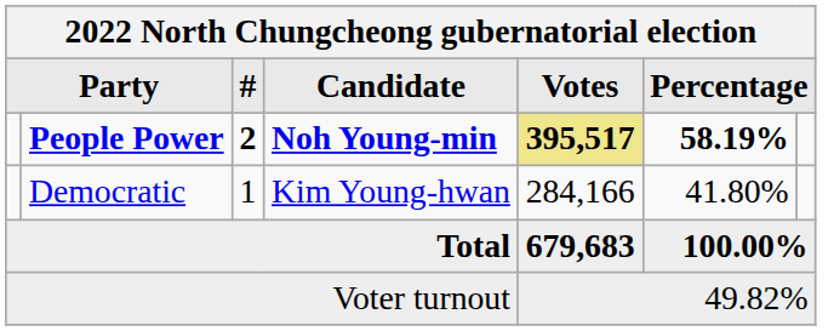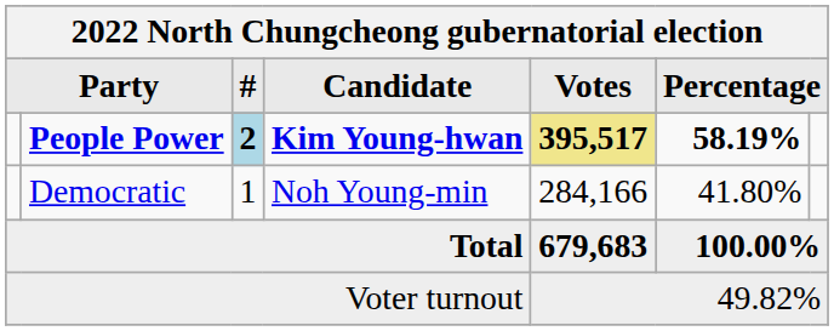 <table class="wikitable">
 <tr>
 <th colspan="7">2022 North Chungcheong gubernatorial election</th>
 </tr>
 <tr>
 <th style="background-color:#E9E9E9" colspan=2>Party</th>
 <th style="background-color:#E9E9E9">#</th>
 <th style="background-color:#E9E9E9">Candidate</th>
 <th style="background-color:#E9E9E9">Votes</th>
 <th style="background-color:#E9E9E9" colspan=2>Percentage</th>
 </tr>
 <tr style="font-weight:bold">
 <td></td>
 <td align=left><a href='#'>People Power</a></td>
-<td align=center>2</td>
-<td align=left><a href='#'>Noh Young-min</a></td>
+<td align=center style="background: lightblue;">2</td>
+<td align=left><a href='#'>Kim Young-hwan</a></td>
 <td align=right style="background: khaki;">395,517</td>
 <td align=right>58.19%</td>
 <td align=right></td>
 </tr>
 <tr>
 <td></td>
 <td align=left><a href='#'>Democratic</a></td>
 <td align=center>1</td>
-<td align=left><a href='#'>Kim Young-hwan</a></td>
+<td align=left><a href='#'>Noh Young-min</a></td>
 <td align=right>284,166</td>
 <td align=right>41.80%</td>
 <td align=right></td>
 </tr>
 <tr bgcolor="#EEEEEE" style="font-weight:bold">
 <td colspan="4" align=right>Total</td>
 <td align=right>679,683</td>
 <td align=right colspan=2>100.00%</td>
 </tr>
 <tr bgcolor="#EEEEEE">
 <td colspan="4" align="right">Voter turnout</td>
 <td colspan="3" align="right">49.82%</td>
 </tr>
 </table>
